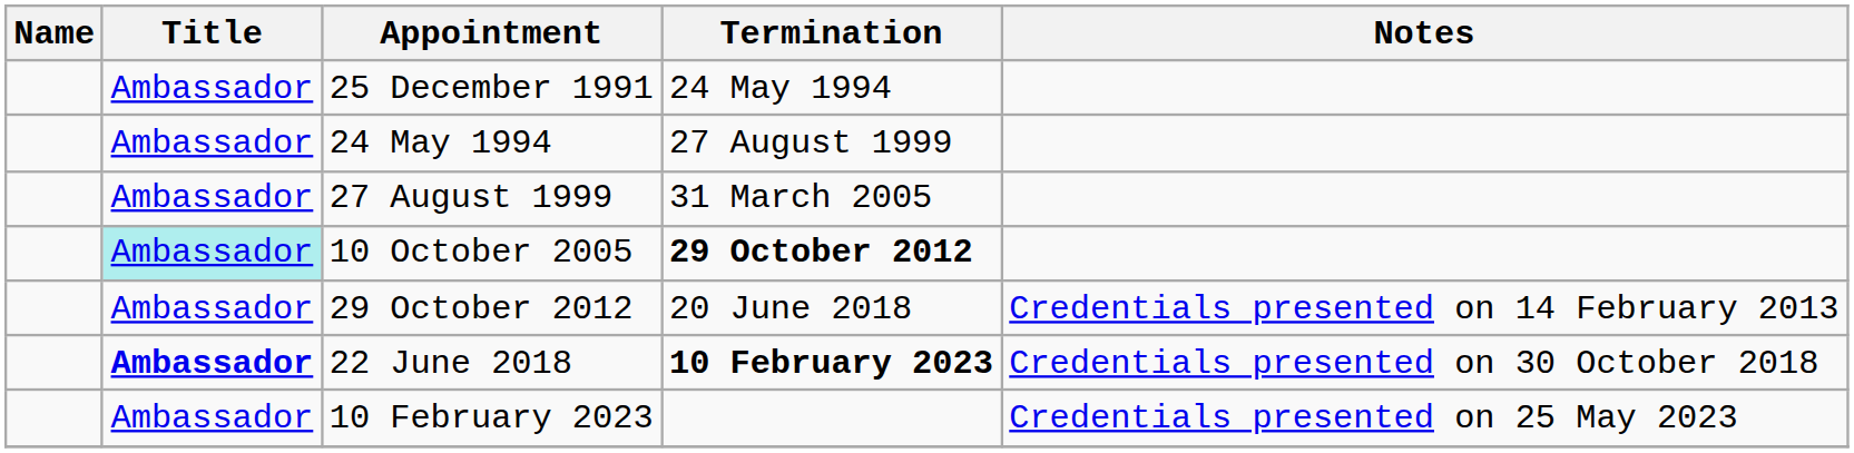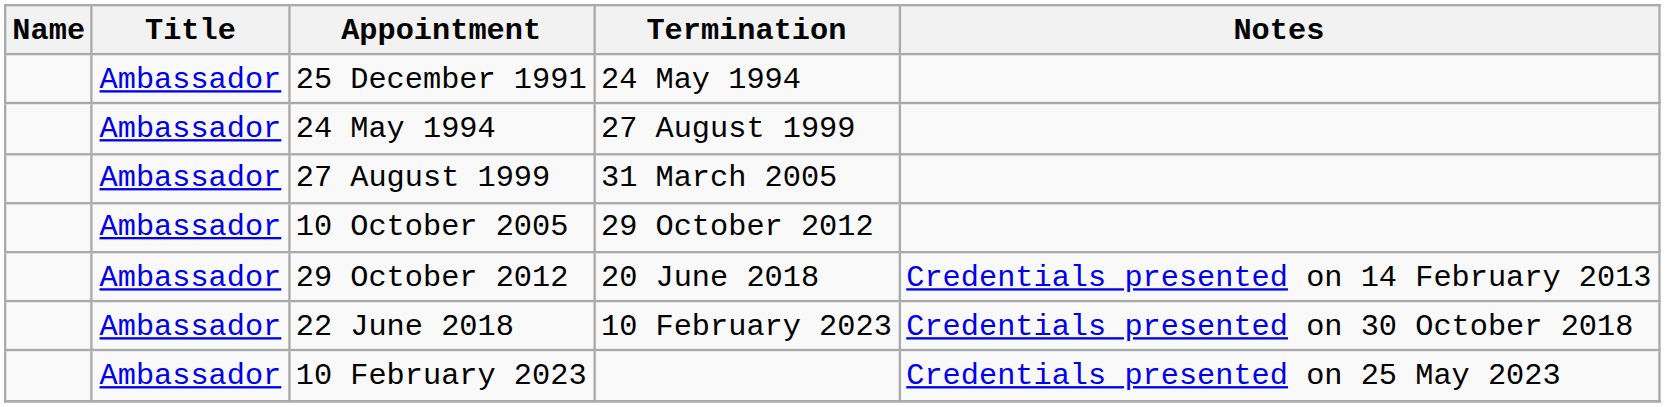 <table class="wikitable">
 <tr valign="middle">
 <th>Name</th>
 <th>Title</th>
 <th>Appointment</th>
 <th>Termination</th>
 <th>Notes</th>
 </tr>
 <tr>
 <td></td>
 <td><a href='#'>Ambassador</a></td>
 <td>25 December 1991</td>
 <td>24 May 1994</td>
 <td></td>
 </tr>
 <tr>
 <td></td>
 <td><a href='#'>Ambassador</a></td>
 <td>24 May 1994</td>
 <td>27 August 1999</td>
 <td></td>
 </tr>
 <tr>
 <td></td>
 <td><a href='#'>Ambassador</a></td>
 <td>27 August 1999</td>
 <td>31 March 2005</td>
 <td></td>
 </tr>
 <tr>
 <td></td>
-<td style="background: paleturquoise;"><a href='#'>Ambassador</a></td>
+<td><a href='#'>Ambassador</a></td>
 <td>10 October 2005</td>
-<td><strong>29 October 2012</strong></td>
+<td>29 October 2012</td>
 <td></td>
 </tr>
 <tr>
 <td></td>
 <td><a href='#'>Ambassador</a></td>
 <td>29 October 2012</td>
 <td>20 June 2018</td>
 <td><a href='#'>Credentials presented</a> on 14 February 2013</td>
 </tr>
 <tr>
 <td></td>
-<td><strong><a href='#'>Ambassador</a></strong></td>
+<td><a href='#'>Ambassador</a></td>
 <td>22 June 2018</td>
-<td><strong>10 February 2023</strong></td>
+<td>10 February 2023</td>
 <td><a href='#'>Credentials presented</a> on 30 October 2018</td>
 </tr>
 <tr>
 <td></td>
 <td><a href='#'>Ambassador</a></td>
 <td>10 February 2023</td>
 <td></td>
 <td><a href='#'>Credentials presented</a> on 25 May 2023</td>
 </tr>
 <tr>
 </tr>
 </table>
